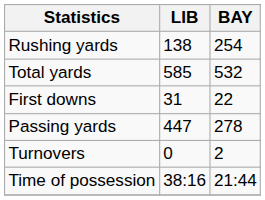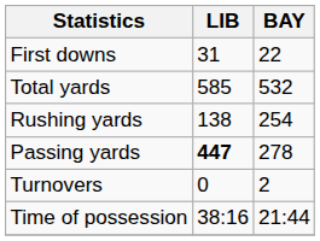 <table class="wikitable">
 <tr>
 <th>Statistics</th>
 <th>LIB</th>
 <th>BAY</th>
 </tr>
 <tr>
-<td>Rushing yards</td>
-<td>138</td>
-<td>254</td>
+<td>First downs</td>
+<td>31</td>
+<td>22</td>
 </tr>
 <tr>
 <td>Total yards</td>
 <td>585</td>
 <td>532</td>
 </tr>
 <tr>
-<td>First downs</td>
-<td>31</td>
-<td>22</td>
+<td>Rushing yards</td>
+<td>138</td>
+<td>254</td>
 </tr>
 <tr>
 <td>Passing yards</td>
-<td>447</td>
+<td><strong>447</strong></td>
 <td>278</td>
 </tr>
 <tr>
 <td>Turnovers</td>
 <td>0</td>
 <td>2</td>
 </tr>
 <tr>
 <td>Time of possession</td>
 <td>38:16</td>
 <td>21:44</td>
 </tr>
 <tr>
 </tr>
 </table>
